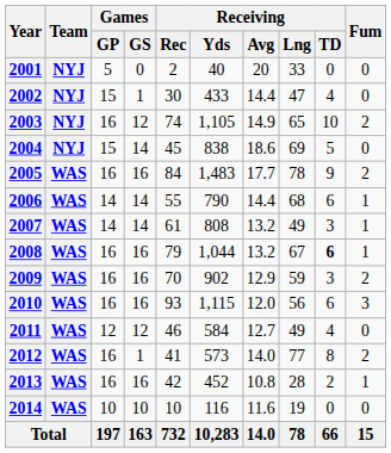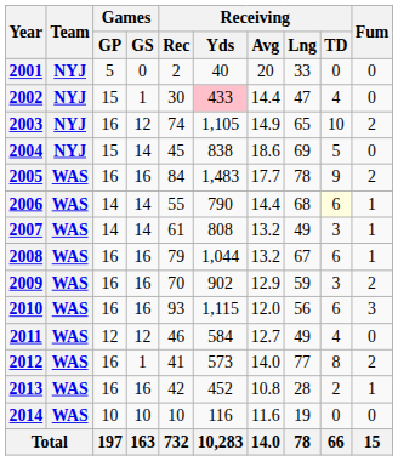 <table class=wikitable style="text-align:center;">
 <tr>
 <th rowspan="2">Year</th>
 <th rowspan="2">Team</th>
 <th colspan="2">Games</th>
 <th colspan="5">Receiving</th>
 <th rowspan="2">Fum</th>
 </tr>
 <tr>
 <th>GP</th>
 <th>GS</th>
 <th>Rec</th>
 <th>Yds</th>
 <th>Avg</th>
 <th>Lng</th>
 <th>TD</th>
 </tr>
 <tr>
 <th><a href='#'>2001</a></th>
 <th><a href='#'>NYJ</a></th>
 <td>5</td>
 <td>0</td>
 <td>2</td>
 <td>40</td>
 <td>20</td>
 <td>33</td>
 <td>0</td>
 <td>0</td>
 </tr>
 <tr>
 <th><a href='#'>2002</a></th>
 <th><a href='#'>NYJ</a></th>
 <td>15</td>
 <td>1</td>
 <td>30</td>
-<td>433</td>
+<td style="background: pink;">433</td>
 <td>14.4</td>
 <td>47</td>
 <td>4</td>
 <td>0</td>
 </tr>
 <tr>
 <th><a href='#'>2003</a></th>
 <th><a href='#'>NYJ</a></th>
 <td>16</td>
 <td>12</td>
 <td>74</td>
 <td>1,105</td>
 <td>14.9</td>
 <td>65</td>
 <td>10</td>
 <td>2</td>
 </tr>
 <tr>
 <th><a href='#'>2004</a></th>
 <th><a href='#'>NYJ</a></th>
 <td>15</td>
 <td>14</td>
 <td>45</td>
 <td>838</td>
 <td>18.6</td>
 <td>69</td>
 <td>5</td>
 <td>0</td>
 </tr>
 <tr>
 <th><a href='#'>2005</a></th>
 <th><a href='#'>WAS</a></th>
 <td>16</td>
 <td>16</td>
 <td>84</td>
 <td>1,483</td>
 <td>17.7</td>
 <td>78</td>
 <td>9</td>
 <td>2</td>
 </tr>
 <tr>
 <th><a href='#'>2006</a></th>
 <th><a href='#'>WAS</a></th>
 <td>14</td>
 <td>14</td>
 <td>55</td>
 <td>790</td>
 <td>14.4</td>
 <td>68</td>
-<td>6</td>
+<td style="background: lightyellow;">6</td>
 <td>1</td>
 </tr>
 <tr>
 <th><a href='#'>2007</a></th>
 <th><a href='#'>WAS</a></th>
 <td>14</td>
 <td>14</td>
 <td>61</td>
 <td>808</td>
 <td>13.2</td>
 <td>49</td>
 <td>3</td>
 <td>1</td>
 </tr>
 <tr>
 <th><a href='#'>2008</a></th>
 <th><a href='#'>WAS</a></th>
 <td>16</td>
 <td>16</td>
 <td>79</td>
 <td>1,044</td>
 <td>13.2</td>
 <td>67</td>
-<td><strong>6</strong></td>
+<td>6</td>
 <td>1</td>
 </tr>
 <tr>
 <th><a href='#'>2009</a></th>
 <th><a href='#'>WAS</a></th>
 <td>16</td>
 <td>16</td>
 <td>70</td>
 <td>902</td>
 <td>12.9</td>
 <td>59</td>
 <td>3</td>
 <td>2</td>
 </tr>
 <tr>
 <th><a href='#'>2010</a></th>
 <th><a href='#'>WAS</a></th>
 <td>16</td>
 <td>16</td>
 <td>93</td>
 <td>1,115</td>
 <td>12.0</td>
 <td>56</td>
 <td>6</td>
 <td>3</td>
 </tr>
 <tr>
 <th><a href='#'>2011</a></th>
 <th><a href='#'>WAS</a></th>
 <td>12</td>
 <td>12</td>
 <td>46</td>
 <td>584</td>
 <td>12.7</td>
 <td>49</td>
 <td>4</td>
 <td>0</td>
 </tr>
 <tr>
 <th><a href='#'>2012</a></th>
 <th><a href='#'>WAS</a></th>
 <td>16</td>
 <td>1</td>
 <td>41</td>
 <td>573</td>
 <td>14.0</td>
 <td>77</td>
 <td>8</td>
 <td>2</td>
 </tr>
 <tr>
 <th><a href='#'>2013</a></th>
 <th><a href='#'>WAS</a></th>
 <td>16</td>
 <td>16</td>
 <td>42</td>
 <td>452</td>
 <td>10.8</td>
 <td>28</td>
 <td>2</td>
 <td>1</td>
 </tr>
 <tr>
 <th><a href='#'>2014</a></th>
 <th><a href='#'>WAS</a></th>
 <td>10</td>
 <td>10</td>
 <td>10</td>
 <td>116</td>
 <td>11.6</td>
 <td>19</td>
 <td>0</td>
 <td>0</td>
 </tr>
 <tr>
 <th colspan="2">Total</th>
 <th>197</th>
 <th>163</th>
 <th>732</th>
 <th>10,283</th>
 <th>14.0</th>
 <th>78</th>
 <th>66</th>
 <th>15</th>
 </tr>
 </table>
